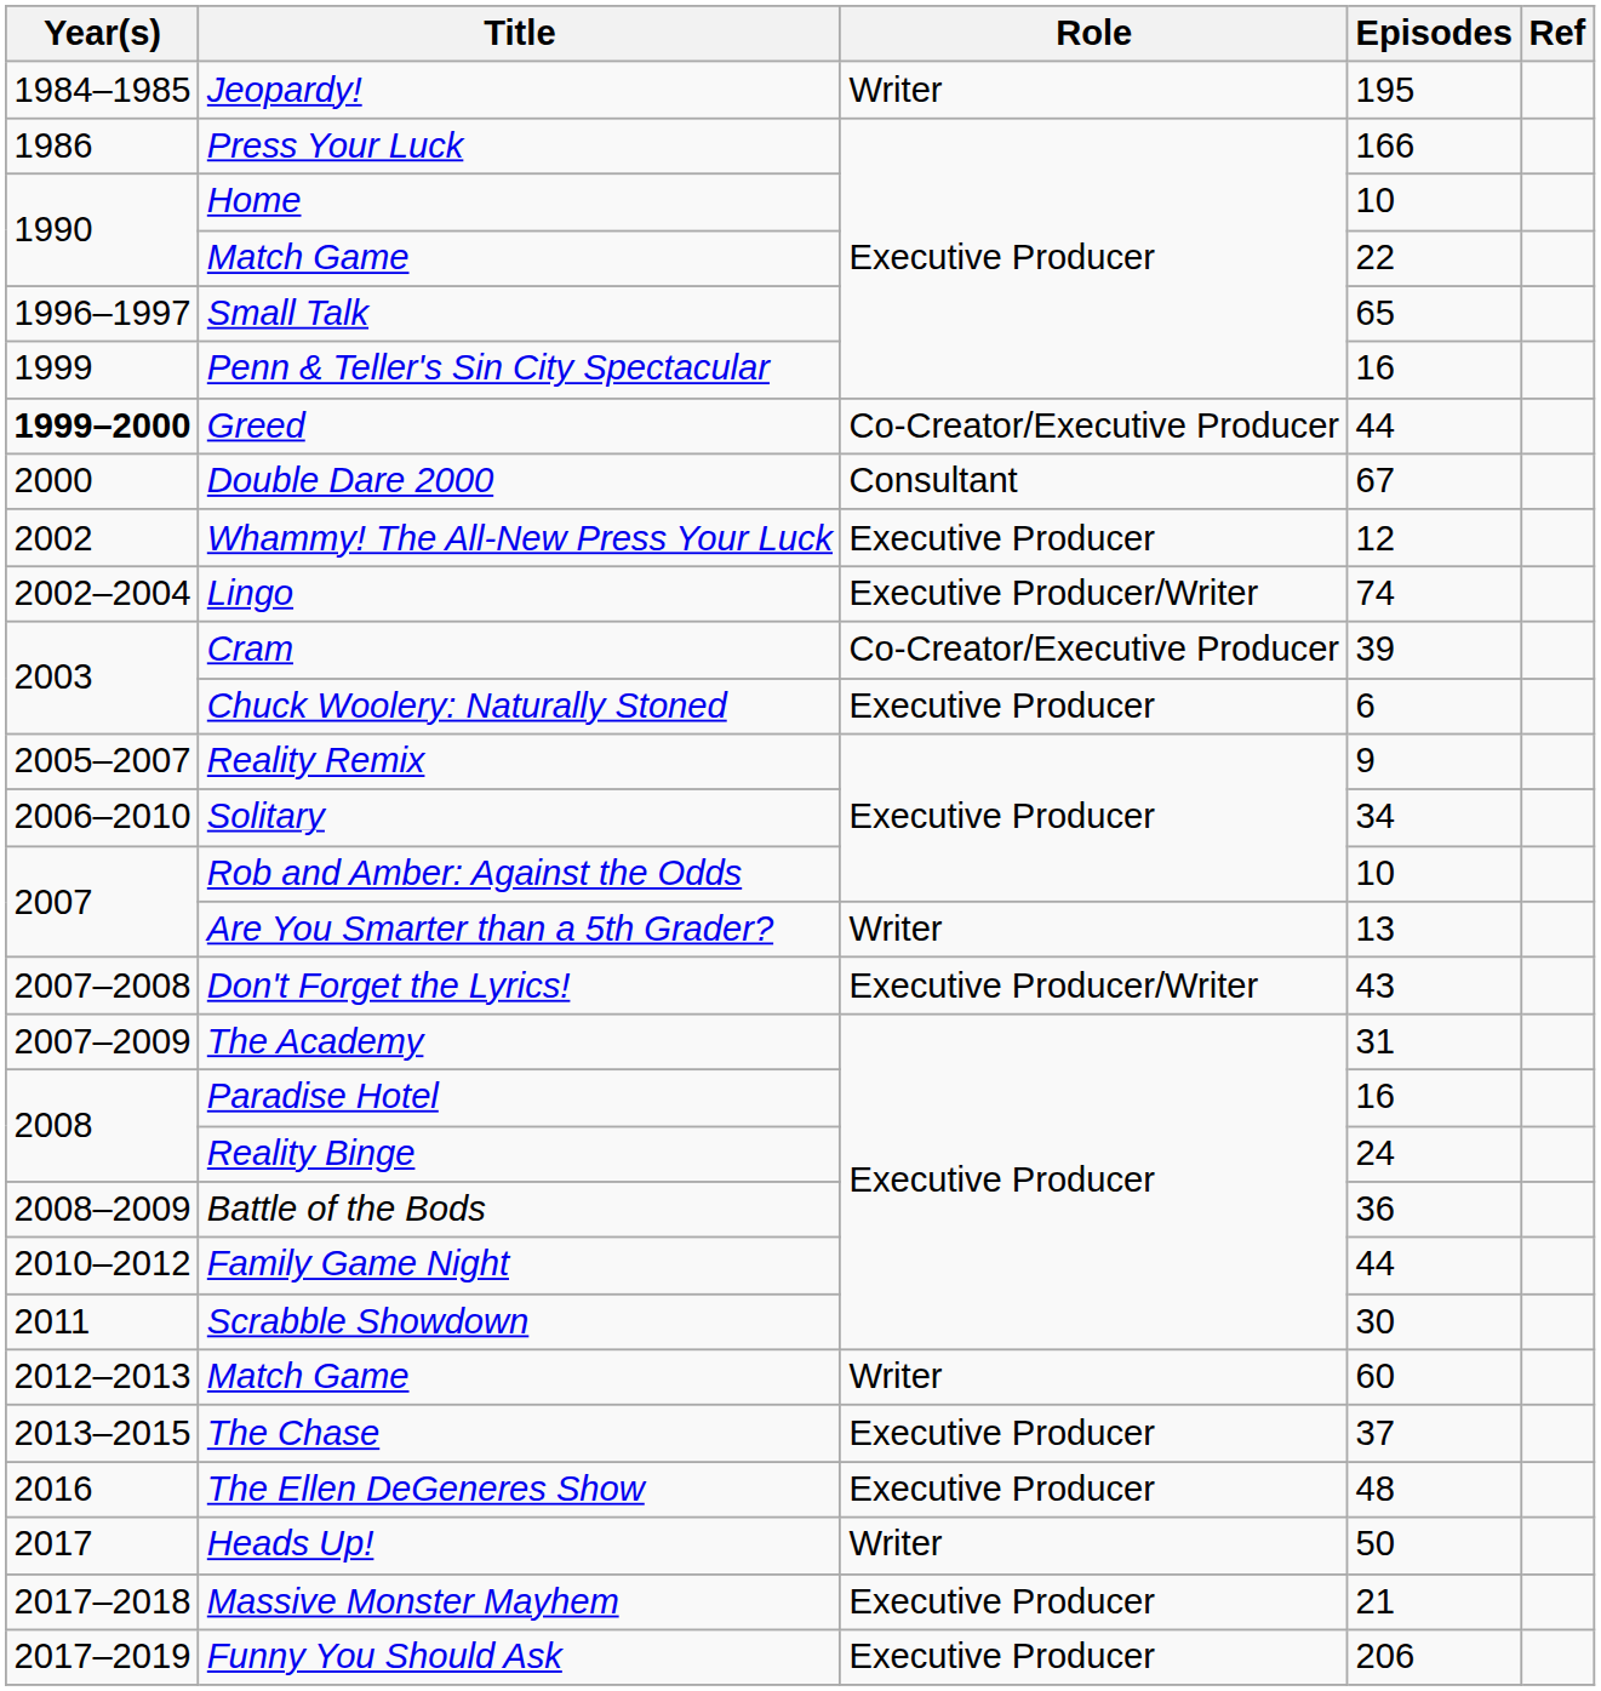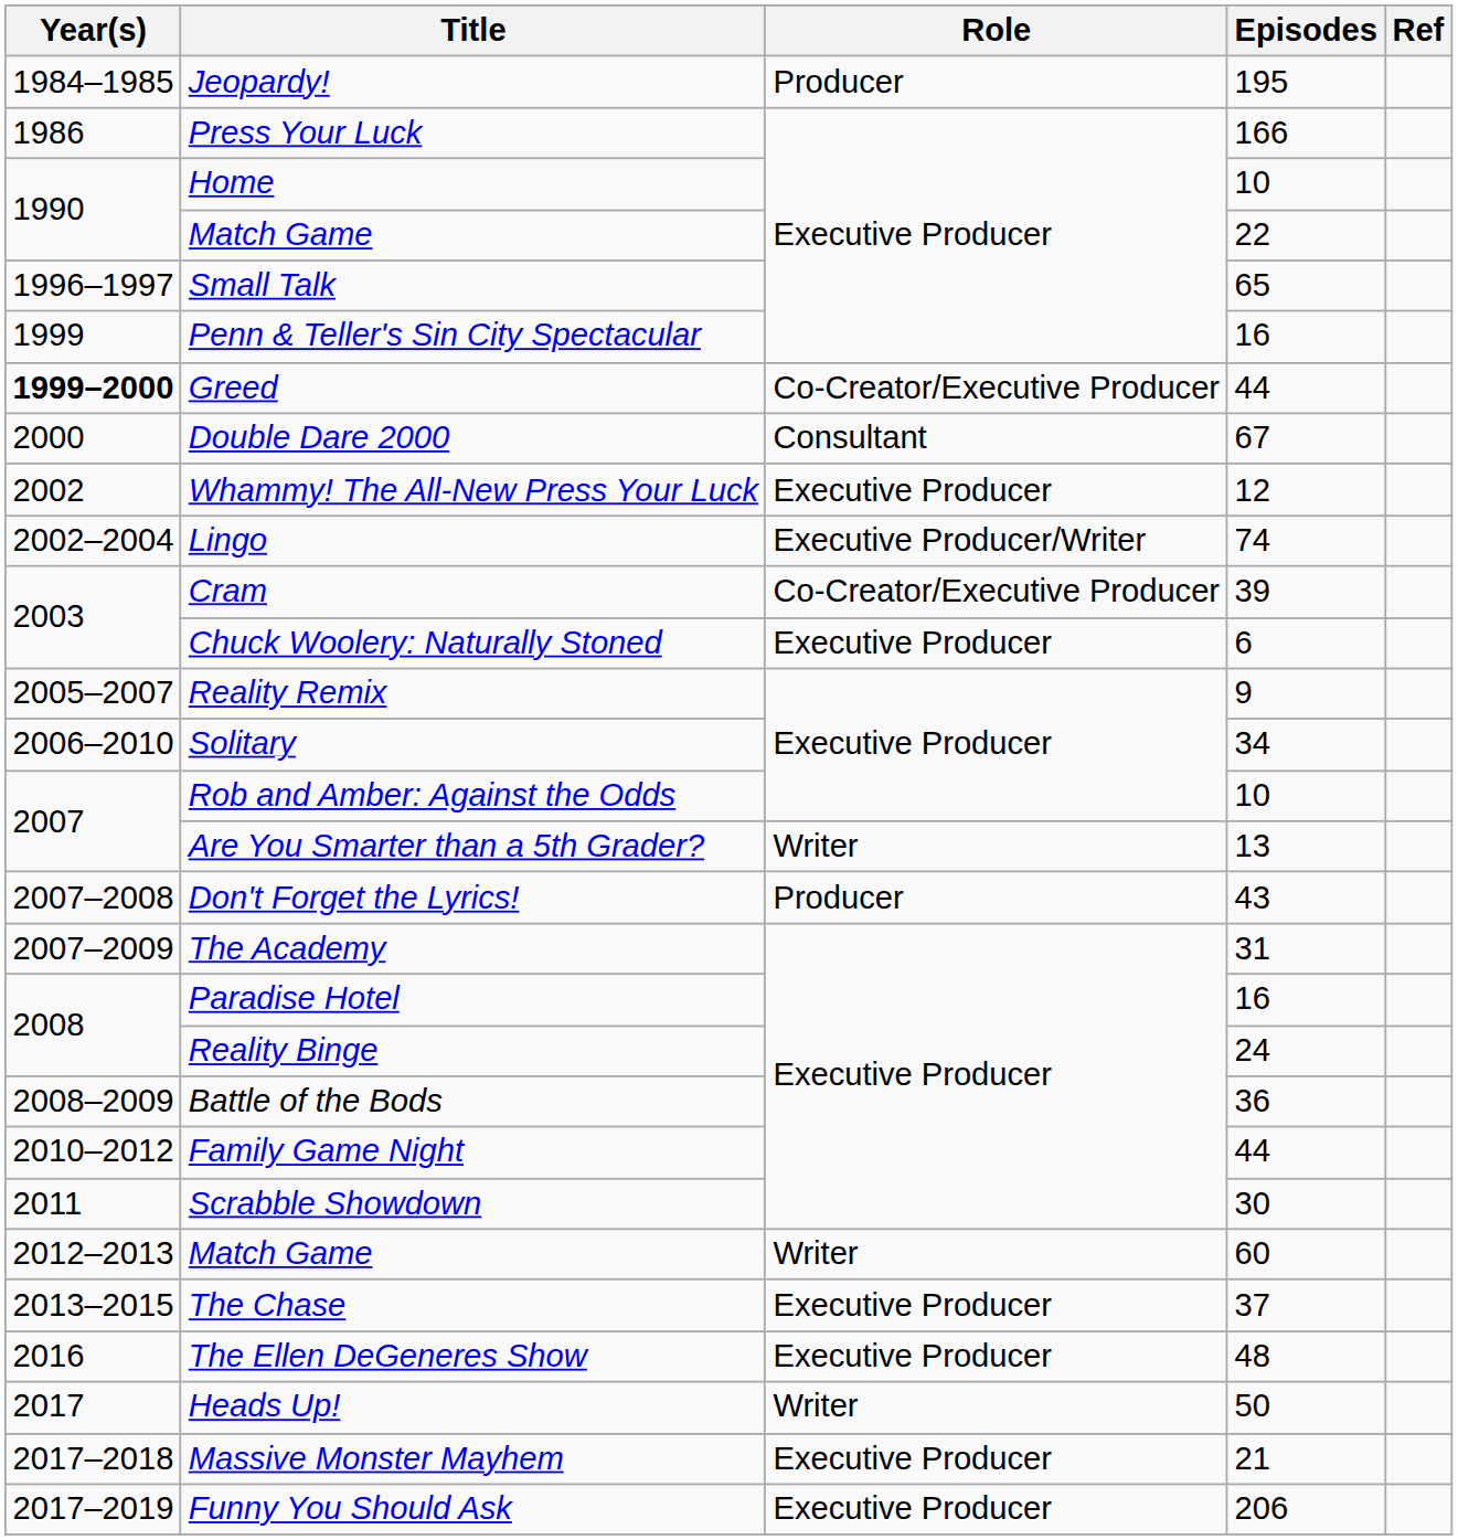 <table class="wikitable sortable">
 <tr>
 <th>Year(s)</th>
 <th>Title</th>
 <th>Role</th>
 <th>Episodes</th>
 <th class="unsortable">Ref</th>
 </tr>
 <tr>
 <td>1984–1985</td>
 <td><em><a href='#'>Jeopardy!</a></em></td>
-<td>Writer</td>
+<td>Producer</td>
 <td>195</td>
 <td></td>
 </tr>
 <tr>
 <td>1986</td>
 <td><em><a href='#'>Press Your Luck</a></em></td>
 <td rowspan="5">Executive Producer</td>
 <td>166</td>
 <td></td>
 </tr>
 <tr>
 <td rowspan="2">1990</td>
 <td><em><a href='#'>Home</a></em></td>
 <td>10</td>
 <td></td>
 </tr>
 <tr>
 <td><em><a href='#'>Match Game</a></em></td>
 <td>22</td>
 <td></td>
 </tr>
 <tr>
 <td>1996–1997</td>
 <td><em><a href='#'>Small Talk</a></em></td>
 <td>65</td>
 <td></td>
 </tr>
 <tr>
 <td>1999</td>
 <td><em><a href='#'>Penn & Teller's Sin City Spectacular</a></em></td>
 <td>16</td>
 <td></td>
 </tr>
 <tr>
 <td><strong>1999–2000</strong></td>
 <td><em><a href='#'>Greed</a></em></td>
 <td>Co-Creator/Executive Producer</td>
 <td>44</td>
 <td></td>
 </tr>
 <tr>
 <td>2000</td>
 <td><em><a href='#'>Double Dare 2000</a></em></td>
 <td>Consultant</td>
 <td>67</td>
 <td></td>
 </tr>
 <tr>
 <td>2002</td>
 <td><em><a href='#'>Whammy! The All-New Press Your Luck</a></em></td>
 <td>Executive Producer</td>
 <td>12</td>
 <td></td>
 </tr>
 <tr>
 <td>2002–2004</td>
 <td><em><a href='#'>Lingo</a></em></td>
 <td>Executive Producer/Writer</td>
 <td>74</td>
 <td></td>
 </tr>
 <tr>
 <td rowspan="2">2003</td>
 <td><em><a href='#'>Cram</a></em></td>
 <td>Co-Creator/Executive Producer</td>
 <td>39</td>
 <td></td>
 </tr>
 <tr>
 <td><em><a href='#'>Chuck Woolery: Naturally Stoned</a></em></td>
 <td>Executive Producer</td>
 <td>6</td>
 <td></td>
 </tr>
 <tr>
 <td>2005–2007</td>
 <td><em><a href='#'>Reality Remix</a></em></td>
 <td rowspan="3">Executive Producer</td>
 <td>9</td>
 <td></td>
 </tr>
 <tr>
 <td>2006–2010</td>
 <td><em><a href='#'>Solitary</a></em></td>
 <td>34</td>
 <td></td>
 </tr>
 <tr>
 <td rowspan="2">2007</td>
 <td><em><a href='#'>Rob and Amber: Against the Odds</a></em></td>
 <td>10</td>
 <td></td>
 </tr>
 <tr>
 <td><em><a href='#'>Are You Smarter than a 5th Grader?</a></em></td>
 <td>Writer</td>
 <td>13</td>
 <td></td>
 </tr>
 <tr>
 <td>2007–2008</td>
 <td><em><a href='#'>Don't Forget the Lyrics!</a></em></td>
-<td>Executive Producer/Writer</td>
+<td>Producer</td>
 <td>43</td>
 <td></td>
 </tr>
 <tr>
 <td>2007–2009</td>
 <td><em><a href='#'>The Academy</a></em></td>
 <td rowspan="6">Executive Producer</td>
 <td>31</td>
 <td></td>
 </tr>
 <tr>
 <td rowspan="2">2008</td>
 <td><em><a href='#'>Paradise Hotel</a></em></td>
 <td>16</td>
 <td></td>
 </tr>
 <tr>
 <td><em><a href='#'>Reality Binge</a></em></td>
 <td>24</td>
 <td></td>
 </tr>
 <tr>
 <td>2008–2009</td>
 <td><em>Battle of the Bods</em></td>
 <td>36</td>
 <td></td>
 </tr>
 <tr>
 <td>2010–2012</td>
 <td><em><a href='#'>Family Game Night</a></em></td>
 <td>44</td>
 <td></td>
 </tr>
 <tr>
 <td>2011</td>
 <td><em><a href='#'>Scrabble Showdown</a></em></td>
 <td>30</td>
 <td></td>
 </tr>
 <tr>
 <td>2012–2013</td>
 <td><em><a href='#'>Match Game</a></em></td>
 <td>Writer</td>
 <td>60</td>
 <td></td>
 </tr>
 <tr>
 <td>2013–2015</td>
 <td><em><a href='#'>The Chase</a></em></td>
 <td>Executive Producer</td>
 <td>37</td>
 <td></td>
 </tr>
 <tr>
 <td>2016</td>
 <td><em><a href='#'>The Ellen DeGeneres Show</a></em></td>
 <td>Executive Producer</td>
 <td>48</td>
 <td></td>
 </tr>
 <tr>
 <td>2017</td>
 <td><em><a href='#'>Heads Up!</a></em></td>
 <td>Writer</td>
 <td>50</td>
 <td></td>
 </tr>
 <tr>
 <td>2017–2018</td>
 <td><em><a href='#'>Massive Monster Mayhem</a></em></td>
 <td>Executive Producer</td>
 <td>21</td>
 <td></td>
 </tr>
 <tr>
 <td>2017–2019</td>
 <td><em><a href='#'>Funny You Should Ask</a></em></td>
 <td>Executive Producer</td>
 <td>206</td>
 <td></td>
 </tr>
 </table>
